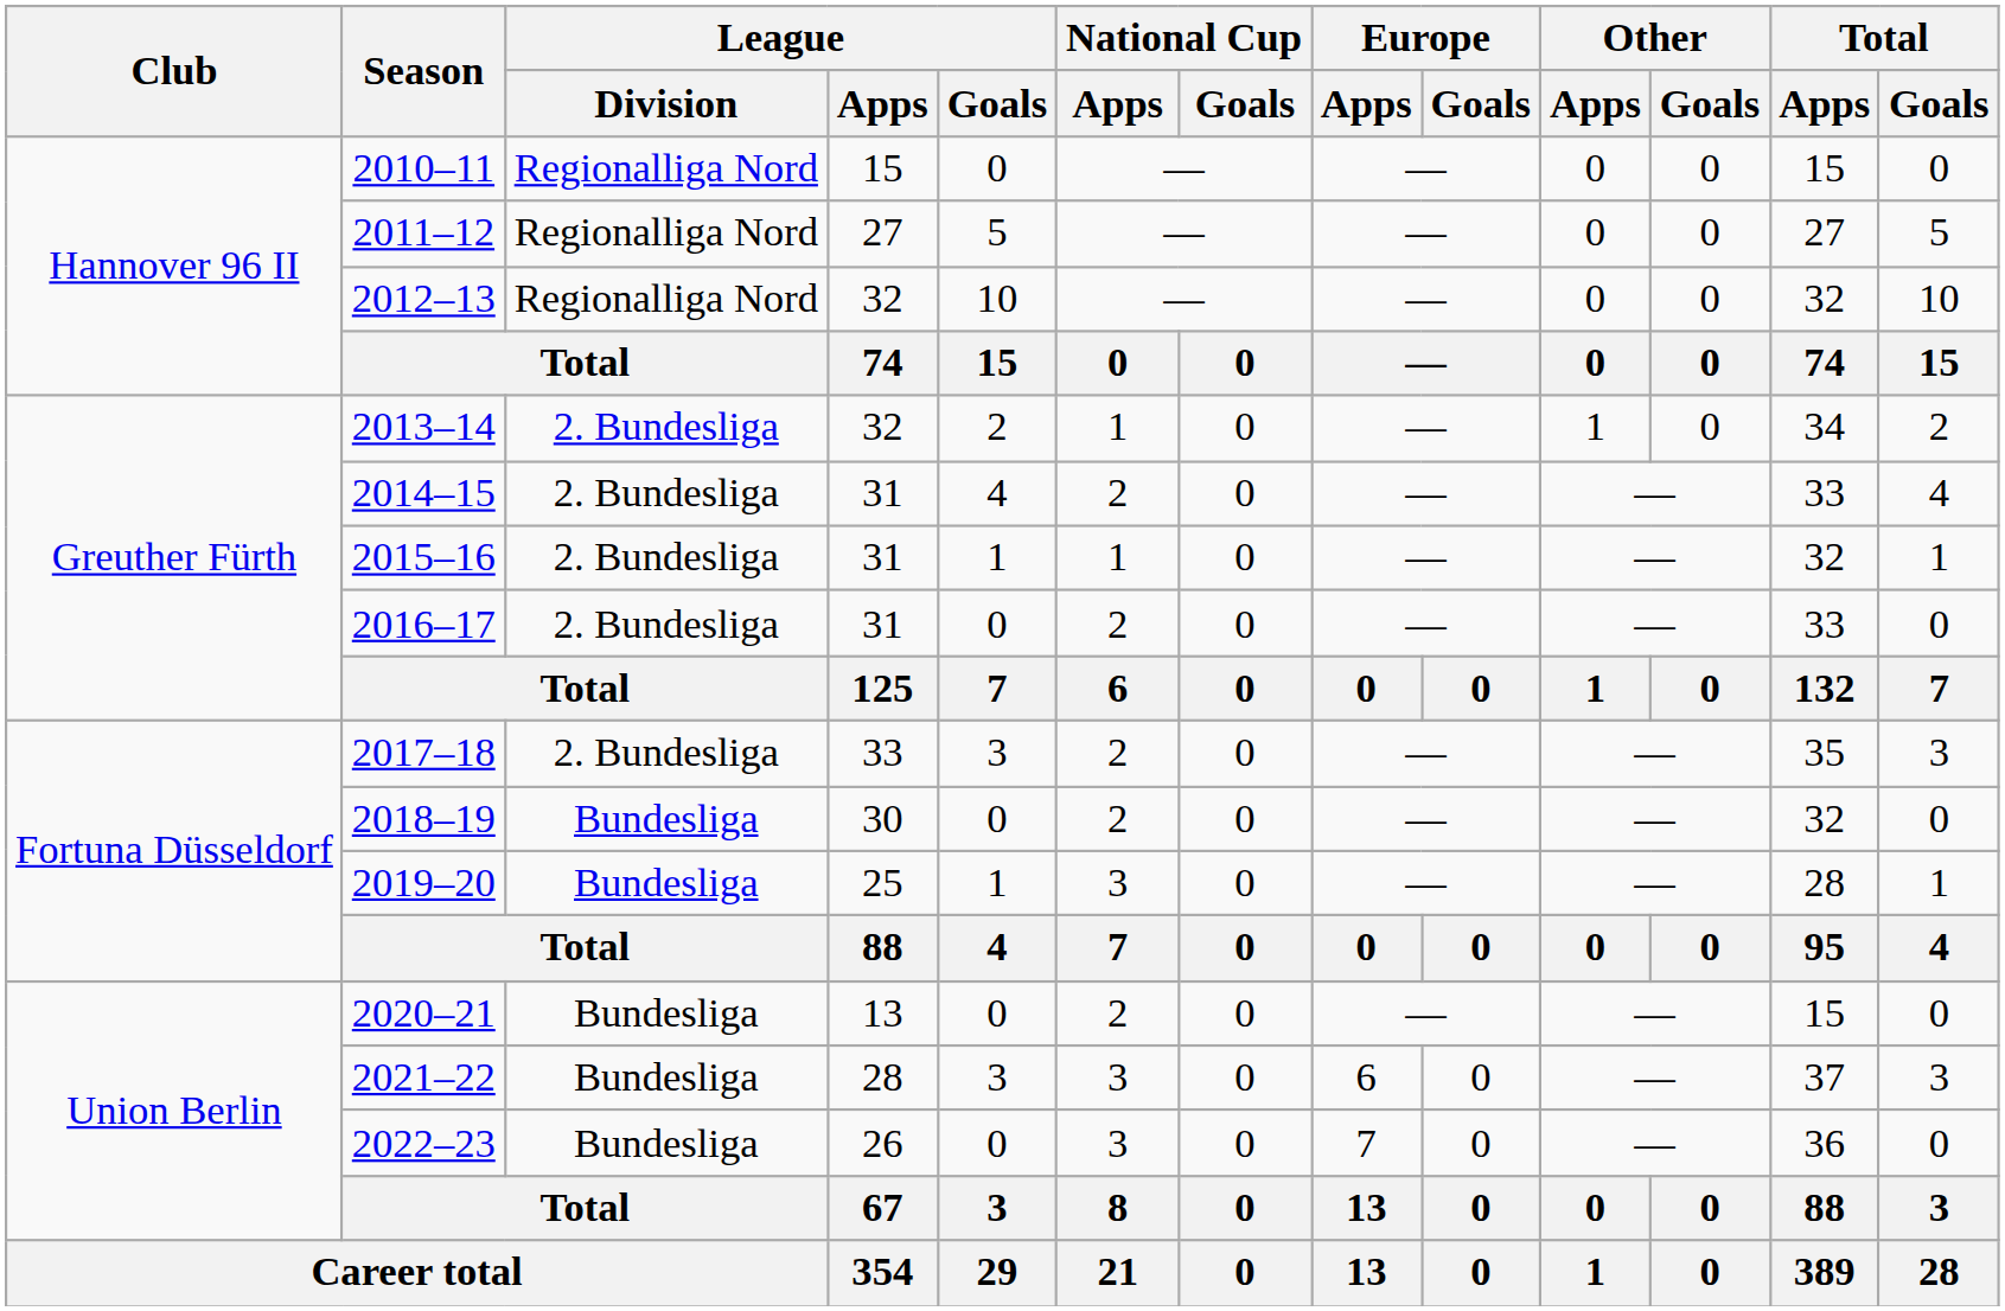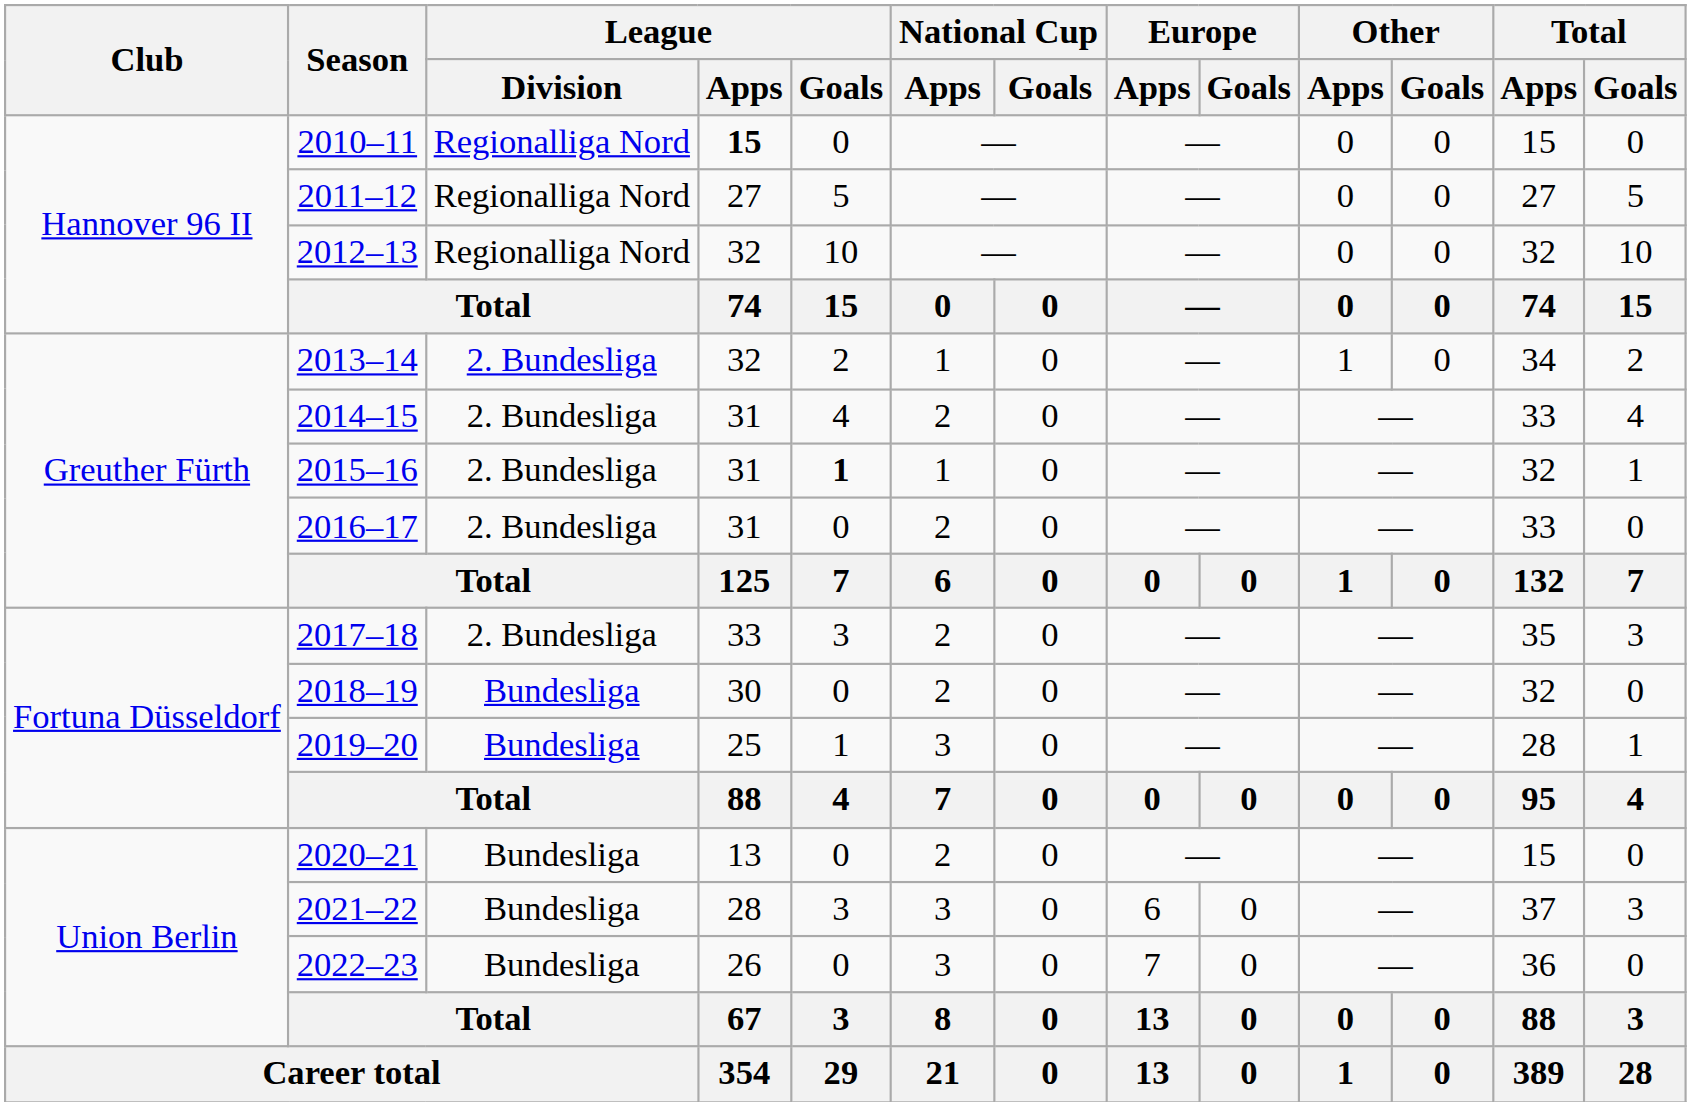 <table class="wikitable" Style="text-align: center">
 <tr>
 <th rowspan="2">Club</th>
 <th rowspan="2">Season</th>
 <th colspan="3">League</th>
 <th colspan="2">National Cup</th>
 <th colspan="2">Europe</th>
 <th colspan="2">Other</th>
 <th colspan="2">Total</th>
 </tr>
 <tr>
 <th>Division</th>
 <th>Apps</th>
 <th>Goals</th>
 <th>Apps</th>
 <th>Goals</th>
 <th>Apps</th>
 <th>Goals</th>
 <th>Apps</th>
 <th>Goals</th>
 <th>Apps</th>
 <th>Goals</th>
 </tr>
 <tr>
 <td rowspan="4"><a href='#'>Hannover 96 II</a></td>
 <td><a href='#'>2010–11</a></td>
 <td><a href='#'>Regionalliga Nord</a></td>
-<td>15</td>
+<td><strong>15</strong></td>
 <td>0</td>
 <td colspan="2">—</td>
 <td colspan="2">—</td>
 <td>0</td>
 <td>0</td>
 <td>15</td>
 <td>0</td>
 </tr>
 <tr>
 <td><a href='#'>2011–12</a></td>
 <td>Regionalliga Nord</td>
 <td>27</td>
 <td>5</td>
 <td colspan="2">—</td>
 <td colspan="2">—</td>
 <td>0</td>
 <td>0</td>
 <td>27</td>
 <td>5</td>
 </tr>
 <tr>
 <td><a href='#'>2012–13</a></td>
 <td>Regionalliga Nord</td>
 <td>32</td>
 <td>10</td>
 <td colspan="2">—</td>
 <td colspan="2">—</td>
 <td>0</td>
 <td>0</td>
 <td>32</td>
 <td>10</td>
 </tr>
 <tr>
 <th colspan="2">Total</th>
 <th>74</th>
 <th>15</th>
 <th>0</th>
 <th>0</th>
 <th colspan="2">—</th>
 <th>0</th>
 <th>0</th>
 <th>74</th>
 <th>15</th>
 </tr>
 <tr>
 <td rowspan="5"><a href='#'>Greuther Fürth</a></td>
 <td><a href='#'>2013–14</a></td>
 <td><a href='#'>2. Bundesliga</a></td>
 <td>32</td>
 <td>2</td>
 <td>1</td>
 <td>0</td>
 <td colspan="2">—</td>
 <td>1</td>
 <td>0</td>
 <td>34</td>
 <td>2</td>
 </tr>
 <tr>
 <td><a href='#'>2014–15</a></td>
 <td>2. Bundesliga</td>
 <td>31</td>
 <td>4</td>
 <td>2</td>
 <td>0</td>
 <td colspan="2">—</td>
 <td colspan="2">—</td>
 <td>33</td>
 <td>4</td>
 </tr>
 <tr>
 <td><a href='#'>2015–16</a></td>
 <td>2. Bundesliga</td>
 <td>31</td>
-<td>1</td>
+<td><strong>1</strong></td>
 <td>1</td>
 <td>0</td>
 <td colspan="2">—</td>
 <td colspan="2">—</td>
 <td>32</td>
 <td>1</td>
 </tr>
 <tr>
 <td><a href='#'>2016–17</a></td>
 <td>2. Bundesliga</td>
 <td>31</td>
 <td>0</td>
 <td>2</td>
 <td>0</td>
 <td colspan="2">—</td>
 <td colspan="2">—</td>
 <td>33</td>
 <td>0</td>
 </tr>
 <tr>
 <th colspan="2">Total</th>
 <th>125</th>
 <th>7</th>
 <th>6</th>
 <th>0</th>
 <th>0</th>
 <th>0</th>
 <th>1</th>
 <th>0</th>
 <th>132</th>
 <th>7</th>
 </tr>
 <tr>
 <td rowspan="4"><a href='#'>Fortuna Düsseldorf</a></td>
 <td><a href='#'>2017–18</a></td>
 <td>2. Bundesliga</td>
 <td>33</td>
 <td>3</td>
 <td>2</td>
 <td>0</td>
 <td colspan="2">—</td>
 <td colspan="2">—</td>
 <td>35</td>
 <td>3</td>
 </tr>
 <tr>
 <td><a href='#'>2018–19</a></td>
 <td><a href='#'>Bundesliga</a></td>
 <td>30</td>
 <td>0</td>
 <td>2</td>
 <td>0</td>
 <td colspan="2">—</td>
 <td colspan="2">—</td>
 <td>32</td>
 <td>0</td>
 </tr>
 <tr>
 <td><a href='#'>2019–20</a></td>
 <td><a href='#'>Bundesliga</a></td>
 <td>25</td>
 <td>1</td>
 <td>3</td>
 <td>0</td>
 <td colspan="2">—</td>
 <td colspan="2">—</td>
 <td>28</td>
 <td>1</td>
 </tr>
 <tr>
 <th colspan="2">Total</th>
 <th>88</th>
 <th>4</th>
 <th>7</th>
 <th>0</th>
 <th>0</th>
 <th>0</th>
 <th>0</th>
 <th>0</th>
 <th>95</th>
 <th>4</th>
 </tr>
 <tr>
 <td rowspan="4"><a href='#'>Union Berlin</a></td>
 <td><a href='#'>2020–21</a></td>
 <td>Bundesliga</td>
 <td>13</td>
 <td>0</td>
 <td>2</td>
 <td>0</td>
 <td colspan="2">—</td>
 <td colspan="2">—</td>
 <td>15</td>
 <td>0</td>
 </tr>
 <tr>
 <td><a href='#'>2021–22</a></td>
 <td>Bundesliga</td>
 <td>28</td>
 <td>3</td>
 <td>3</td>
 <td>0</td>
 <td>6</td>
 <td>0</td>
 <td colspan="2">—</td>
 <td>37</td>
 <td>3</td>
 </tr>
 <tr>
 <td><a href='#'>2022–23</a></td>
 <td>Bundesliga</td>
 <td>26</td>
 <td>0</td>
 <td>3</td>
 <td>0</td>
 <td>7</td>
 <td>0</td>
 <td colspan="2">—</td>
 <td>36</td>
 <td>0</td>
 </tr>
 <tr>
 <th colspan="2">Total</th>
 <th>67</th>
 <th>3</th>
 <th>8</th>
 <th>0</th>
 <th>13</th>
 <th>0</th>
 <th>0</th>
 <th>0</th>
 <th>88</th>
 <th>3</th>
 </tr>
 <tr>
 <th colspan="3">Career total</th>
 <th>354</th>
 <th>29</th>
 <th>21</th>
 <th>0</th>
 <th>13</th>
 <th>0</th>
 <th>1</th>
 <th>0</th>
 <th>389</th>
 <th>28</th>
 </tr>
 </table>
